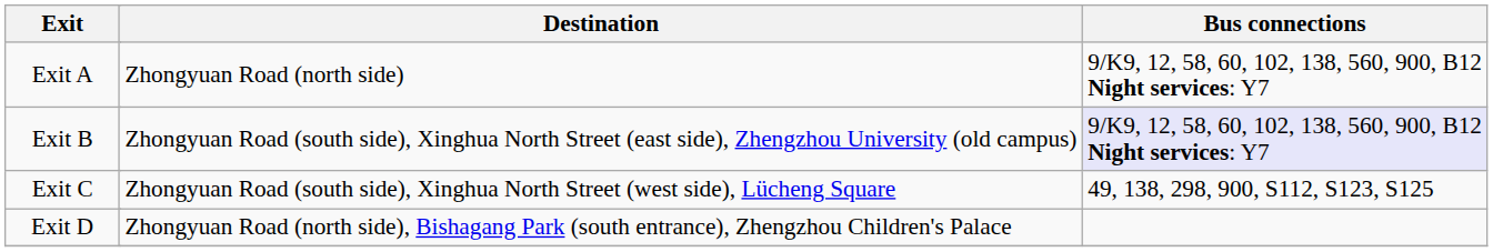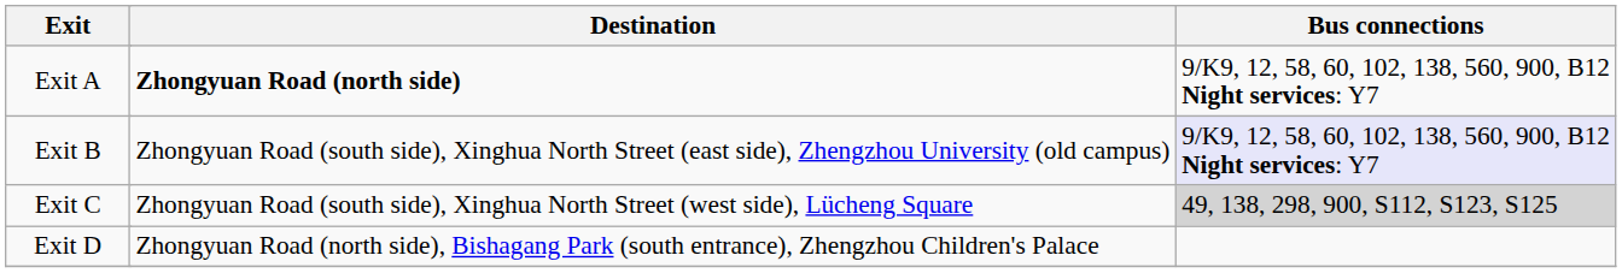 <table class=wikitable>
 <tr>
 <th style="width:70px" colspan=3>Exit</th>
 <th>Destination</th>
 <th>Bus connections</th>
 </tr>
 <tr>
 <td align=center colspan=3>Exit A</td>
-<td>Zhongyuan Road (north side)</td>
+<td><strong>Zhongyuan Road (north side)</strong></td>
 <td>9/K9, 12, 58, 60, 102, 138, 560, 900, B12<br><strong>Night services</strong>: Y7</td>
 </tr>
 <tr>
 <td align=center colspan=3>Exit B</td>
 <td>Zhongyuan Road (south side), Xinghua North Street (east side), <a href='#'>Zhengzhou University</a> (old campus)</td>
 <td style="background: lavender;">9/K9, 12, 58, 60, 102, 138, 560, 900, B12<br><strong>Night services</strong>: Y7</td>
 </tr>
 <tr>
 <td align=center colspan=3>Exit C</td>
 <td>Zhongyuan Road (south side), Xinghua North Street (west side), <a href='#'>Lücheng Square</a></td>
-<td>49, 138, 298, 900, S112, S123, S125</td>
+<td style="background: lightgrey;">49, 138, 298, 900, S112, S123, S125</td>
 </tr>
 <tr>
 <td align=center colspan=3>Exit D</td>
 <td>Zhongyuan Road (north side), <a href='#'>Bishagang Park</a> (south entrance), Zhengzhou Children's Palace</td>
 <td></td>
 </tr>
 <tr>
 </tr>
 </table>
